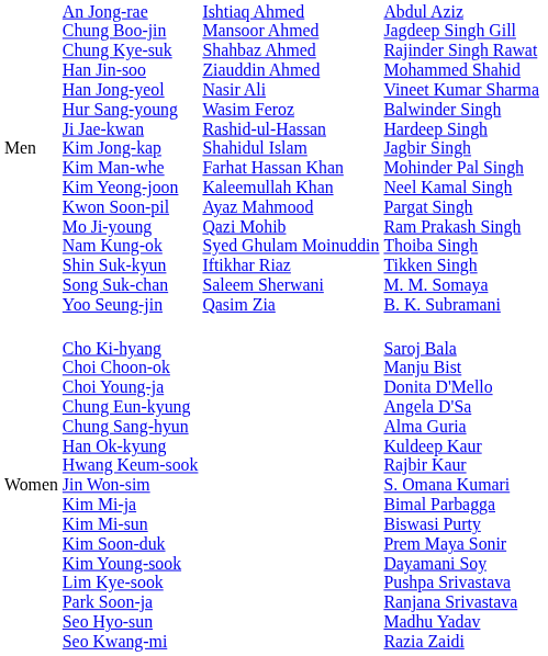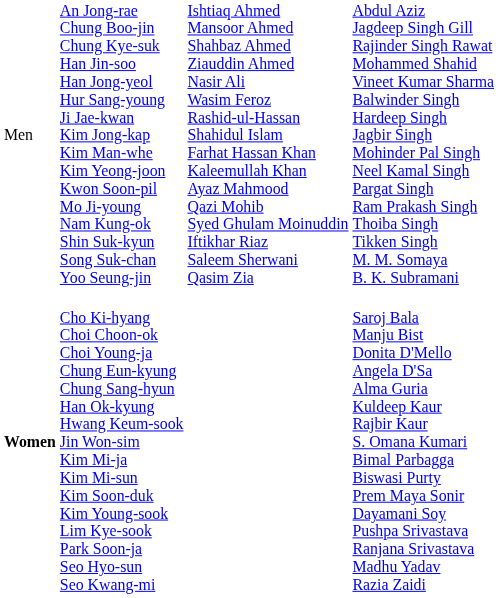 <table>
 <tr>
 <td>Men<br></td>
 <td><br><a href='#'>An Jong-rae</a><br><a href='#'>Chung Boo-jin</a><br><a href='#'>Chung Kye-suk</a><br><a href='#'>Han Jin-soo</a><br><a href='#'>Han Jong-yeol</a><br><a href='#'>Hur Sang-young</a><br><a href='#'>Ji Jae-kwan</a><br><a href='#'>Kim Jong-kap</a><br><a href='#'>Kim Man-whe</a><br><a href='#'>Kim Yeong-joon</a><br><a href='#'>Kwon Soon-pil</a><br><a href='#'>Mo Ji-young</a><br><a href='#'>Nam Kung-ok</a><br><a href='#'>Shin Suk-kyun</a><br><a href='#'>Song Suk-chan</a><br><a href='#'>Yoo Seung-jin</a></td>
 <td><br><a href='#'>Ishtiaq Ahmed</a><br><a href='#'>Mansoor Ahmed</a><br><a href='#'>Shahbaz Ahmed</a><br><a href='#'>Ziauddin Ahmed</a><br><a href='#'>Nasir Ali</a><br><a href='#'>Wasim Feroz</a><br><a href='#'>Rashid-ul-Hassan</a><br><a href='#'>Shahidul Islam</a><br><a href='#'>Farhat Hassan Khan</a><br><a href='#'>Kaleemullah Khan</a><br><a href='#'>Ayaz Mahmood</a><br><a href='#'>Qazi Mohib</a><br><a href='#'>Syed Ghulam Moinuddin</a><br><a href='#'>Iftikhar Riaz</a><br><a href='#'>Saleem Sherwani</a><br><a href='#'>Qasim Zia</a></td>
 <td><br><a href='#'>Abdul Aziz</a><br><a href='#'>Jagdeep Singh Gill</a><br><a href='#'>Rajinder Singh Rawat</a><br><a href='#'>Mohammed Shahid</a><br><a href='#'>Vineet Kumar Sharma</a><br><a href='#'>Balwinder Singh</a><br><a href='#'>Hardeep Singh</a><br><a href='#'>Jagbir Singh</a><br><a href='#'>Mohinder Pal Singh</a><br><a href='#'>Neel Kamal Singh</a><br><a href='#'>Pargat Singh</a><br><a href='#'>Ram Prakash Singh</a><br><a href='#'>Thoiba Singh</a><br><a href='#'>Tikken Singh</a><br><a href='#'>M. M. Somaya</a><br><a href='#'>B. K. Subramani</a></td>
 </tr>
 <tr>
-<td>Women<br></td>
+<td><strong>Women<br></strong></td>
 <td><br><a href='#'>Cho Ki-hyang</a><br><a href='#'>Choi Choon-ok</a><br><a href='#'>Choi Young-ja</a><br><a href='#'>Chung Eun-kyung</a><br><a href='#'>Chung Sang-hyun</a><br><a href='#'>Han Ok-kyung</a><br><a href='#'>Hwang Keum-sook</a><br><a href='#'>Jin Won-sim</a><br><a href='#'>Kim Mi-ja</a><br><a href='#'>Kim Mi-sun</a><br><a href='#'>Kim Soon-duk</a><br><a href='#'>Kim Young-sook</a><br><a href='#'>Lim Kye-sook</a><br><a href='#'>Park Soon-ja</a><br><a href='#'>Seo Hyo-sun</a><br><a href='#'>Seo Kwang-mi</a></td>
 <td valign=top><br></td>
 <td><br><a href='#'>Saroj Bala</a><br><a href='#'>Manju Bist</a><br><a href='#'>Donita D'Mello</a><br><a href='#'>Angela D'Sa</a><br><a href='#'>Alma Guria</a><br><a href='#'>Kuldeep Kaur</a><br><a href='#'>Rajbir Kaur</a><br><a href='#'>S. Omana Kumari</a><br><a href='#'>Bimal Parbagga</a><br><a href='#'>Biswasi Purty</a><br><a href='#'>Prem Maya Sonir</a><br><a href='#'>Dayamani Soy</a><br><a href='#'>Pushpa Srivastava</a><br><a href='#'>Ranjana Srivastava</a><br><a href='#'>Madhu Yadav</a><br><a href='#'>Razia Zaidi</a></td>
 </tr>
 </table>
